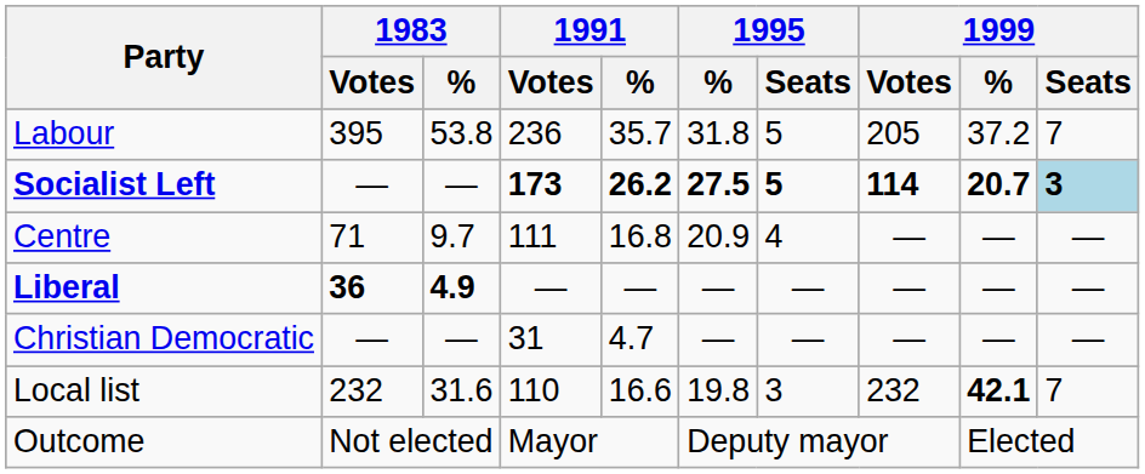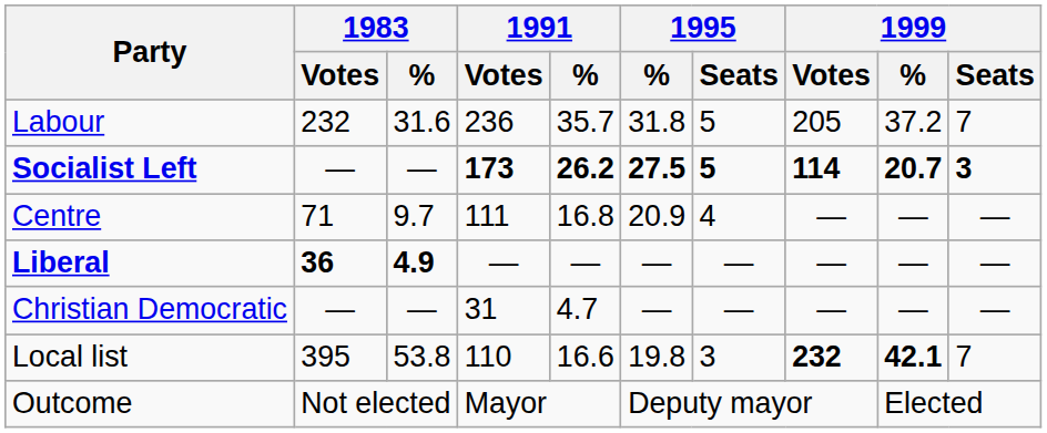 <table class=wikitable>
 <tr>
 <th rowspan=2>Party</th>
 <th colspan=2><a href='#'>1983</a></th>
 <th colspan=2><a href='#'>1991</a></th>
 <th colspan=2><a href='#'>1995</a></th>
 <th colspan=3><a href='#'>1999</a></th>
 </tr>
 <tr>
 <th>Votes</th>
 <th>%</th>
 <th>Votes</th>
 <th>%</th>
 <th>%</th>
 <th>Seats</th>
 <th>Votes</th>
 <th>%</th>
 <th>Seats</th>
 </tr>
 <tr>
 <td><a href='#'>Labour</a></td>
-<td>395</td>
-<td>53.8</td>
+<td>232</td>
+<td>31.6</td>
 <td>236</td>
 <td>35.7</td>
 <td>31.8</td>
 <td>5</td>
 <td>205</td>
 <td>37.2</td>
 <td>7</td>
 </tr>
 <tr>
 <td><strong><a href='#'>Socialist Left</a></strong></td>
 <td align=center>—</td>
 <td align=center>—</td>
 <td><strong>173</strong></td>
 <td><strong>26.2</strong></td>
 <td><strong>27.5</strong></td>
 <td><strong>5</strong></td>
 <td><strong>114</strong></td>
 <td><strong>20.7</strong></td>
-<td style="background: lightblue;"><strong>3</strong></td>
+<td><strong>3</strong></td>
 </tr>
 <tr>
 <td><a href='#'>Centre</a></td>
 <td>71</td>
 <td>9.7</td>
 <td>111</td>
 <td>16.8</td>
 <td>20.9</td>
 <td>4</td>
 <td align=center>—</td>
 <td align=center>—</td>
 <td align=center>—</td>
 </tr>
 <tr>
 <td><strong><a href='#'>Liberal</a></strong></td>
 <td><strong>36</strong></td>
 <td><strong>4.9</strong></td>
 <td align=center>—</td>
 <td align=center>—</td>
 <td align=center>—</td>
 <td align=center>—</td>
 <td align=center>—</td>
 <td align=center>—</td>
 <td align=center>—</td>
 </tr>
 <tr>
 <td><a href='#'>Christian Democratic</a></td>
 <td align=center>—</td>
 <td align=center>—</td>
 <td>31</td>
 <td>4.7</td>
 <td align=center>—</td>
 <td align=center>—</td>
 <td align=center>—</td>
 <td align=center>—</td>
 <td align=center>—</td>
 </tr>
 <tr>
 <td>Local list</td>
-<td>232</td>
-<td>31.6</td>
+<td>395</td>
+<td>53.8</td>
 <td>110</td>
 <td>16.6</td>
 <td>19.8</td>
 <td>3</td>
-<td>232</td>
+<td><strong>232</strong></td>
 <td><strong>42.1</strong></td>
 <td>7</td>
 </tr>
 <tr>
 <td>Outcome</td>
 <td colspan=2>Not elected</td>
 <td colspan=2>Mayor</td>
 <td colspan=3>Deputy mayor</td>
 <td colspan=3>Elected</td>
 </tr>
 </table>
